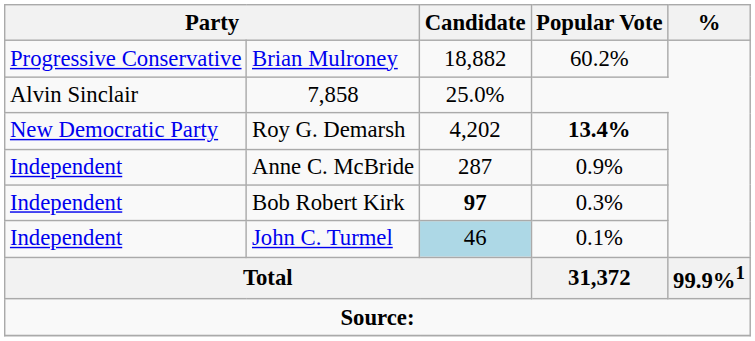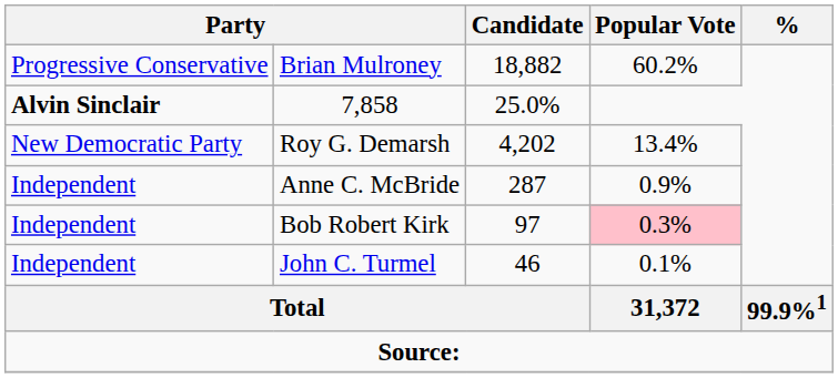 <table class="wikitable">
 <tr>
 <th colspan="2">Party</th>
 <th>Candidate</th>
 <th>Popular Vote</th>
 <th>%</th>
 </tr>
 <tr>
 <td><a href='#'>Progressive Conservative</a></td>
 <td> <a href='#'>Brian Mulroney</a></td>
 <td align=center>18,882</td>
 <td align=center>60.2%</td>
 </tr>
 <tr>
-<td>Alvin Sinclair</td>
+<td><strong>Alvin Sinclair</strong></td>
 <td align=center>7,858</td>
 <td align=center>25.0%</td>
 </tr>
 <tr>
 <td><a href='#'>New Democratic Party</a></td>
 <td>Roy G. Demarsh</td>
 <td align=center>4,202</td>
-<td align=center><strong>13.4%</strong></td>
+<td align=center>13.4%</td>
 </tr>
 <tr>
 <td><a href='#'>Independent</a></td>
 <td>Anne C. McBride</td>
 <td align=center>287</td>
 <td align=center>0.9%</td>
 </tr>
 <tr>
 <td><a href='#'>Independent</a></td>
 <td>Bob Robert Kirk</td>
-<td align=center><strong>97</strong></td>
-<td align=center>0.3%</td>
+<td align=center>97</td>
+<td align=center style="background: pink;">0.3%</td>
 </tr>
 <tr>
 <td><a href='#'>Independent</a></td>
 <td><a href='#'>John C. Turmel</a></td>
-<td align=center style="background: lightblue;">46</td>
+<td align=center>46</td>
 <td align=center>0.1%</td>
 </tr>
 <tr>
 <th colspan=3>Total</th>
 <th>31,372</th>
 <th>99.9%<sup>1</sup></th>
 </tr>
 <tr>
 <td align="center" colspan=5><strong>Source:</strong> </td>
 </tr>
 <tr>
 </tr>
 </table>
